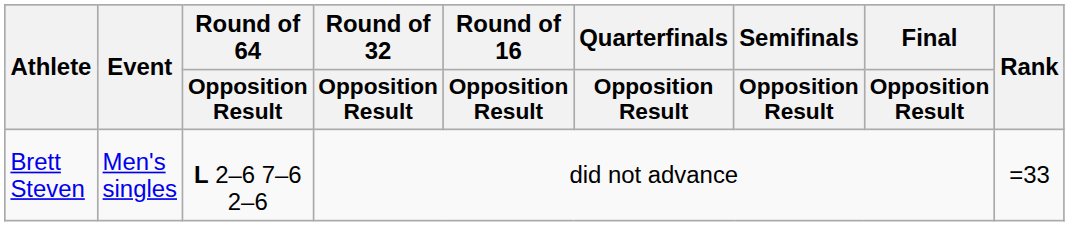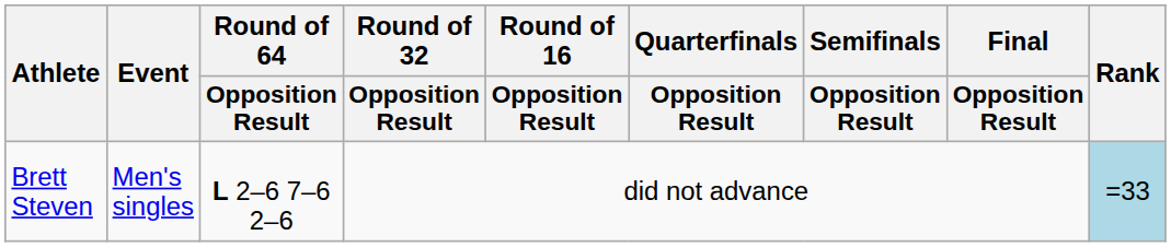 <table class="wikitable" style="font-size:90%;text-align:center;">
 <tr>
 <th rowspan=2>Athlete</th>
 <th rowspan=2>Event</th>
 <th>Round of 64</th>
 <th>Round of 32</th>
 <th>Round of 16</th>
 <th>Quarterfinals</th>
 <th>Semifinals</th>
 <th>Final</th>
 <th rowspan=2>Rank</th>
 </tr>
 <tr style="font-size:95%">
 <th>Opposition<br>Result</th>
 <th>Opposition<br>Result</th>
 <th>Opposition<br>Result</th>
 <th>Opposition<br>Result</th>
 <th>Opposition<br>Result</th>
 <th>Opposition<br>Result</th>
 </tr>
 <tr>
 <td align=left><a href='#'>Brett Steven</a></td>
 <td align=left><a href='#'>Men's singles</a></td>
 <td><br><strong>L</strong> 2–6 7–6 2–6</td>
 <td colspan=5>did not advance</td>
-<td>=33</td>
+<td style="background: lightblue;">=33</td>
 </tr>
 </table>
